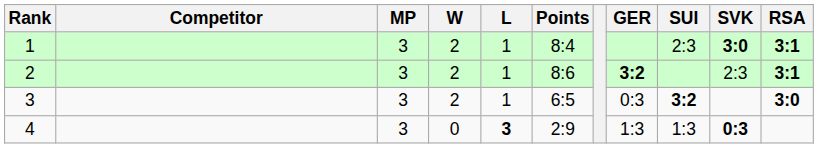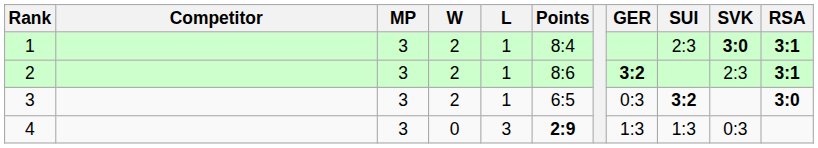 <table class="wikitable" style="text-align:center">
 <tr>
 <th>Rank</th>
 <th style="width:18em">Competitor</th>
 <th style="width:2.5em">MP</th>
 <th style="width:2.5em">W</th>
 <th style="width:2.5em">L</th>
 <th>Points</th>
 <th rowspan="5"> </th>
 <th style="width:2.5em">GER</th>
 <th style="width:2.5em">SUI</th>
 <th style="width:2.5em">SVK</th>
 <th style="width:2.5em">RSA</th>
 </tr>
 <tr style="background:#cfc;">
 <td>1</td>
 <td style="text-align:left"></td>
 <td>3</td>
 <td>2</td>
 <td>1</td>
 <td>8:4</td>
 <td></td>
 <td>2:3</td>
 <td><strong>3:0</strong></td>
 <td><strong>3:1</strong></td>
 </tr>
 <tr style="background:#cfc;">
 <td>2</td>
 <td style="text-align:left"></td>
 <td>3</td>
 <td>2</td>
 <td>1</td>
 <td>8:6</td>
 <td><strong>3:2</strong></td>
 <td></td>
 <td>2:3</td>
 <td><strong>3:1</strong></td>
 </tr>
 <tr>
 <td>3</td>
 <td style="text-align:left"></td>
 <td>3</td>
 <td>2</td>
 <td>1</td>
 <td>6:5</td>
 <td>0:3</td>
 <td><strong>3:2</strong></td>
 <td></td>
 <td><strong>3:0</strong></td>
 </tr>
 <tr>
 <td>4</td>
 <td style="text-align:left"></td>
 <td>3</td>
 <td>0</td>
-<td><strong>3</strong></td>
-<td>2:9</td>
+<td>3</td>
+<td><strong>2:9</strong></td>
 <td>1:3</td>
 <td>1:3</td>
-<td><strong>0:3</strong></td>
+<td>0:3</td>
 <td></td>
 </tr>
 </table>
